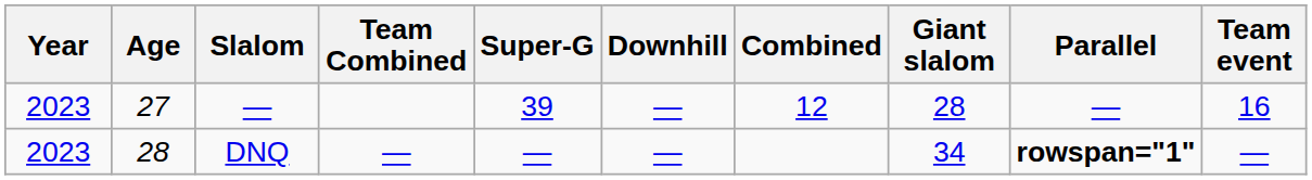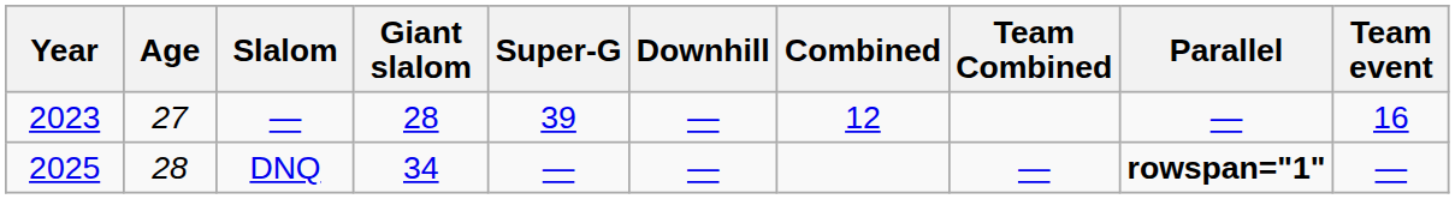 <table class="wikitable" style="text-align:center; font-size:95%;">
 <tr>
 <th>  Year  </th>
 <th> Age </th>
 <th> Slalom </th>
-<th>Team<br>Combined</th>
+<th> Giant <br> slalom </th>
 <th>Super-G</th>
 <th>Downhill</th>
 <th>Combined</th>
-<th> Giant <br> slalom </th>
+<th>Team<br>Combined</th>
 <th>Parallel</th>
 <th>Team<br> event </th>
 </tr>
 <tr>
 <td><a href='#'>2023</a></td>
 <td><em>27</em></td>
 <td><a href='#'>—</a></td>
-<td></td>
+<td><a href='#'>28</a></td>
 <td><a href='#'>39</a></td>
 <td><a href='#'>—</a></td>
 <td><a href='#'>12</a></td>
-<td><a href='#'>28</a></td>
+<td></td>
 <td><a href='#'>—</a></td>
 <td><a href='#'>16</a></td>
 </tr>
 <tr>
-<td><a href='#'>2023</a></td>
+<td><a href='#'>2025</a></td>
 <td><em>28</em></td>
 <td><a href='#'>DNQ</a></td>
-<td><a href='#'>—</a></td>
+<td><a href='#'>34</a></td>
 <td><a href='#'>—</a></td>
 <td><a href='#'>—</a></td>
 <td></td>
-<td><a href='#'>34</a></td>
+<td><a href='#'>—</a></td>
 <td><strong>rowspan="1" </strong></td>
 <td><a href='#'>—</a></td>
 </tr>
 </table>
